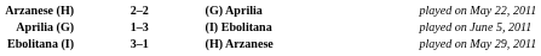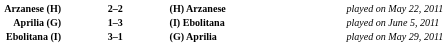 <table width="100%" cellspacing="1">
 <tr>
 <th width="20%"></th>
 <th width="12%"></th>
 <th width="20%"></th>
 <th width="20%'"></th>
 <th></th>
 </tr>
 <tr style="font-size:90%;">
 <td align="right"><strong>Arzanese (H)</strong></td>
 <td align="center"><strong>2–2</strong></td>
-<td align="left"><strong>(G) Aprilia</strong></td>
+<td align="left"><strong>(H) Arzanese</strong></td>
 <td align="left"><em>played on May 22, 2011</em></td>
 </tr>
 <tr style="font-size:90%;">
 <td align="right"><strong>Aprilia (G)</strong></td>
 <td align="center"><strong>1–3</strong></td>
 <td align="left"><strong>(I) Ebolitana</strong></td>
 <td align="left"><em>played on June 5, 2011</em></td>
 </tr>
 <tr style="font-size:90%;">
 <td align="right"><strong>Ebolitana (I)</strong></td>
 <td align="center"><strong>3–1</strong></td>
-<td align="left"><strong>(H) Arzanese</strong></td>
+<td align="left"><strong>(G) Aprilia</strong></td>
 <td align="left"><em>played on May 29, 2011</em></td>
 </tr>
 </table>
